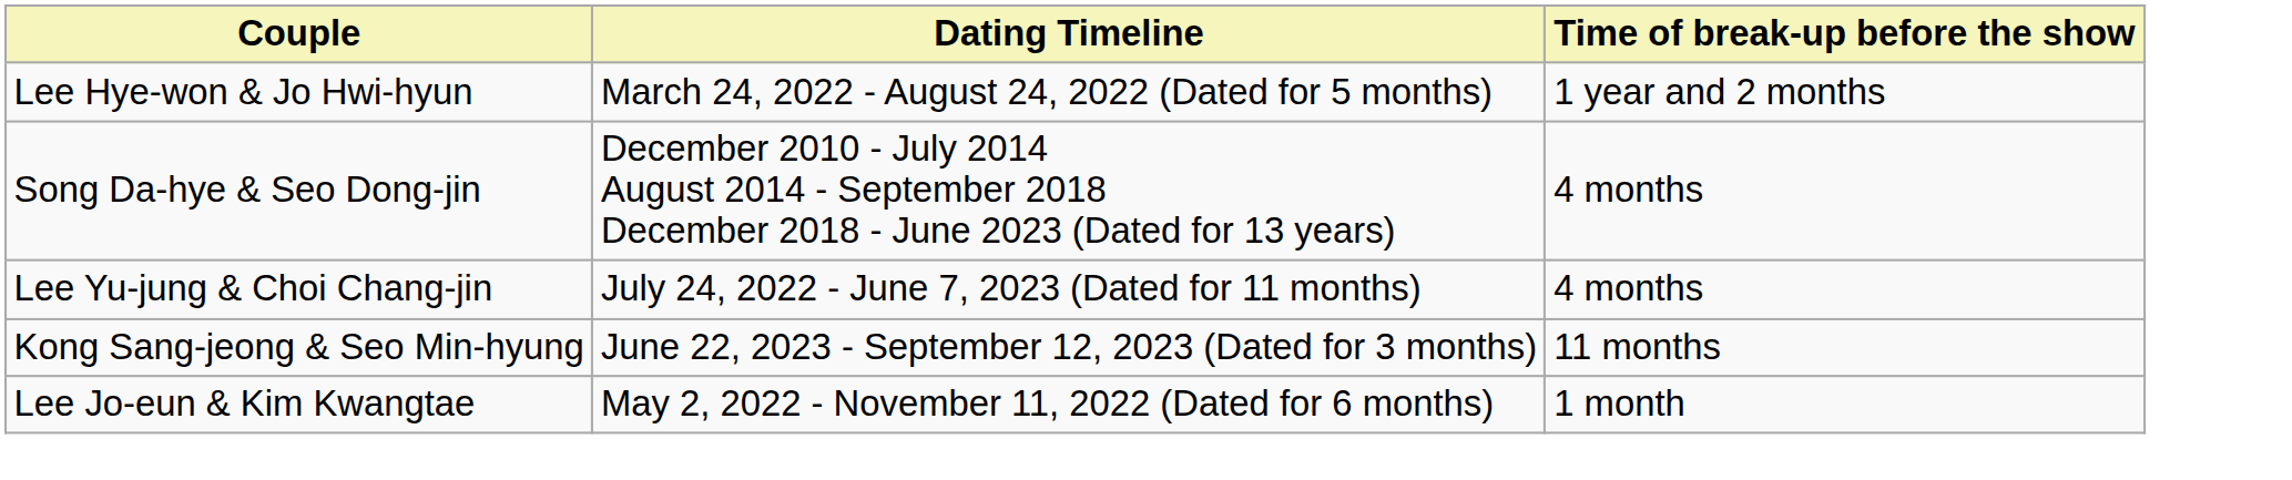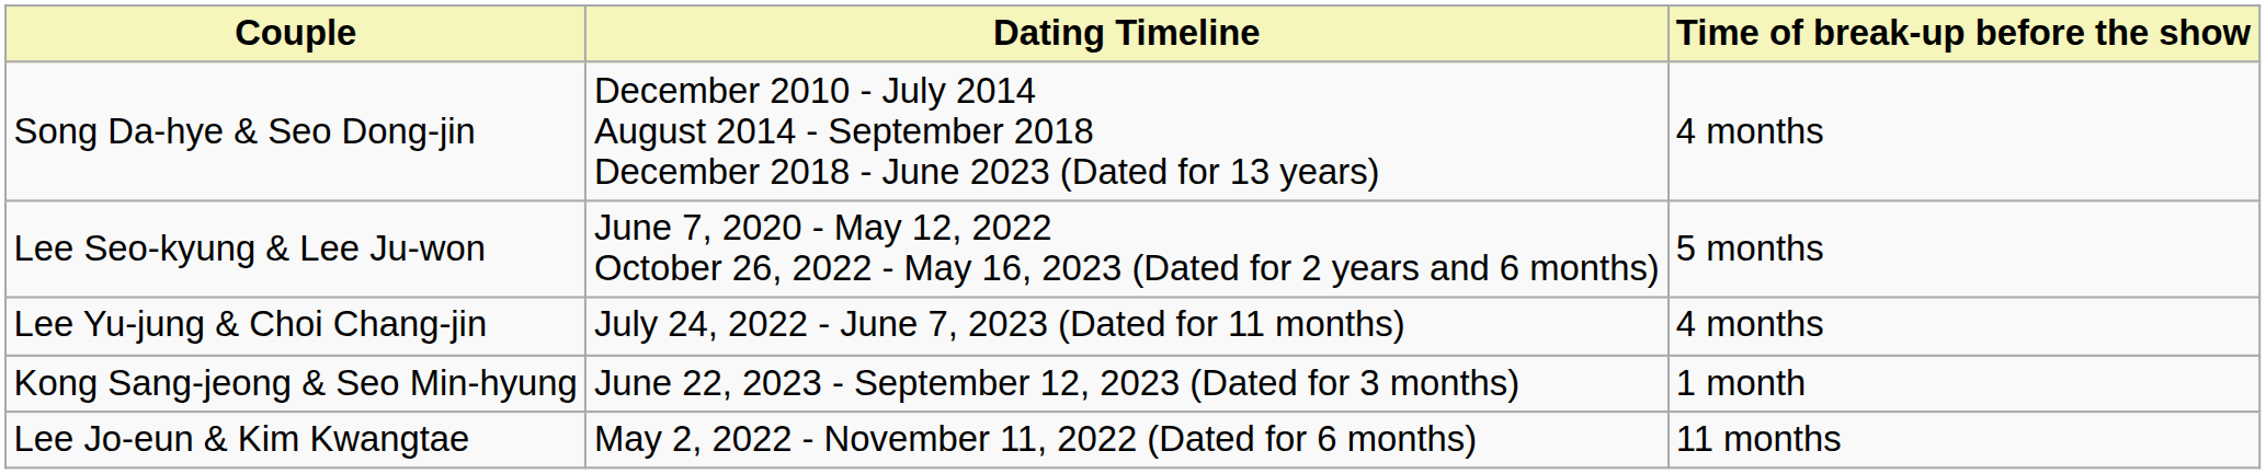 <table class="wikitable sortable" style="line-color:none">
 <tr style="background:#f5f5bc; font-weight:bold; text-align:center">
 <td>Couple</td>
 <td>Dating Timeline</td>
 <td>Time of break-up before the show</td>
 </tr>
 <tr>
-<td>Lee Hye-won & Jo Hwi-hyun</td>
-<td>March 24, 2022 - August 24, 2022 (Dated for 5 months)</td>
-<td>1 year and 2 months</td>
-</tr>
-<tr>
 <td>Song Da-hye & Seo Dong-jin</td>
 <td>December 2010 - July 2014 <br> August 2014 - September 2018 <br> December 2018 - June 2023 (Dated for 13 years)</td>
 <td>4 months</td>
+</tr>
+<tr>
+<td>Lee Seo-kyung & Lee Ju-won</td>
+<td>June 7, 2020 - May 12, 2022 <br> October 26, 2022 - May 16, 2023 (Dated for 2 years and 6 months)</td>
+<td>5 months</td>
 </tr>
 <tr>
 <td>Lee Yu-jung & Choi Chang-jin</td>
 <td>July 24, 2022 - June 7, 2023 (Dated for 11 months)</td>
 <td>4 months</td>
 </tr>
 <tr>
 <td>Kong Sang-jeong & Seo Min-hyung</td>
 <td>June 22, 2023 - September 12, 2023 (Dated for 3 months)</td>
-<td>11 months</td>
+<td>1 month</td>
 </tr>
 <tr>
 <td>Lee Jo-eun & Kim Kwangtae</td>
 <td>May 2, 2022 - November 11, 2022 (Dated for 6 months)</td>
-<td>1 month</td>
+<td>11 months</td>
 </tr>
 </table>
